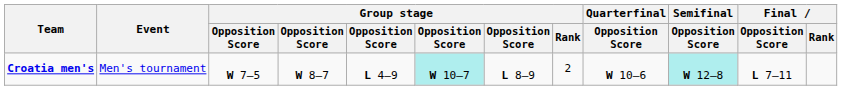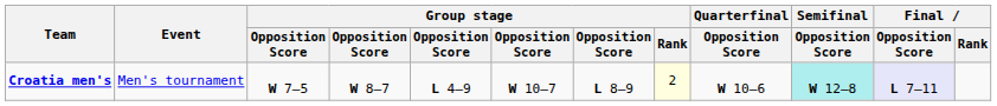 <table class="wikitable" style="font-size:90%">
 <tr>
 <th rowspan=2>Team</th>
 <th rowspan=2>Event</th>
 <th colspan=6>Group stage</th>
 <th>Quarterfinal</th>
 <th>Semifinal</th>
 <th colspan=2>Final / </th>
 </tr>
 <tr style="font-size:95%">
 <th>Opposition<br>Score</th>
 <th>Opposition<br>Score</th>
 <th>Opposition<br>Score</th>
 <th>Opposition<br>Score</th>
 <th>Opposition<br>Score</th>
 <th>Rank</th>
 <th>Opposition<br>Score</th>
 <th>Opposition<br>Score</th>
 <th>Opposition<br>Score</th>
 <th>Rank</th>
 </tr>
 <tr align=center>
 <td align=left><strong><a href='#'>Croatia men's</a></strong></td>
 <td align=left><a href='#'>Men's tournament</a></td>
 <td><br><strong>W</strong> 7–5</td>
 <td><br><strong>W</strong> 8–7</td>
 <td><br><strong>L</strong> 4–9</td>
-<td style="background: paleturquoise;"><br><strong>W</strong> 10–7</td>
+<td><br><strong>W</strong> 10–7</td>
 <td><br><strong>L</strong> 8–9</td>
-<td>2</td>
+<td style="background: lightyellow;">2</td>
 <td><br><strong>W</strong> 10–6</td>
 <td style="background: paleturquoise;"><br><strong>W</strong> 12–8</td>
-<td><br><strong>L</strong> 7–11</td>
+<td style="background: lavender;"><br><strong>L</strong> 7–11</td>
 <td></td>
 </tr>
 </table>
